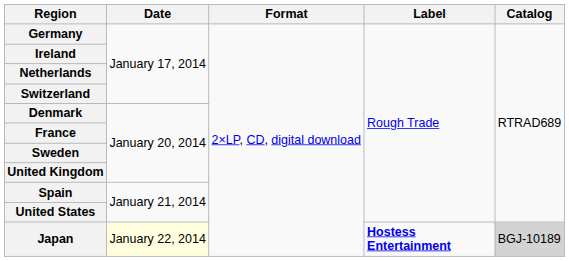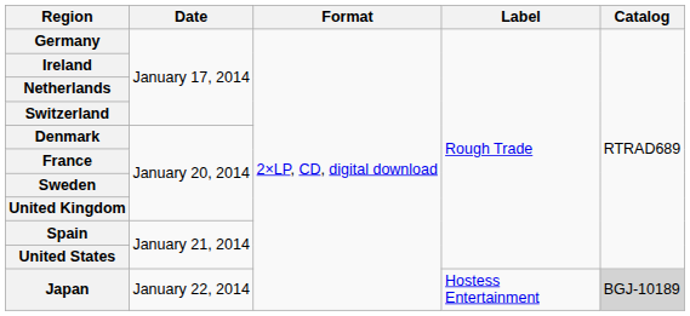 <table class="wikitable plainrowheaders" style="text-align:left">
 <tr>
 <th scope="col">Region</th>
 <th scope="col">Date</th>
 <th scope="col" style="width:12em">Format</th>
 <th scope="col" style="width:10em">Label</th>
 <th scope="col">Catalog</th>
 </tr>
 <tr>
 <th scope="row">Germany</th>
 <td rowspan="4">January 17, 2014</td>
 <td rowspan="11"><a href='#'>2×LP</a>, <a href='#'>CD</a>, <a href='#'>digital download</a></td>
 <td rowspan="10"><a href='#'>Rough Trade</a></td>
 <td rowspan="10">RTRAD689</td>
 </tr>
 <tr>
 <th scope="row">Ireland</th>
 </tr>
 <tr>
 <th scope="row">Netherlands</th>
 </tr>
 <tr>
 <th scope="row">Switzerland</th>
 </tr>
 <tr>
 <th scope="row">Denmark</th>
 <td rowspan="4">January 20, 2014</td>
 </tr>
 <tr>
 <th scope="row">France</th>
 </tr>
 <tr>
 <th scope="row">Sweden</th>
 </tr>
 <tr>
 <th scope="row">United Kingdom</th>
 </tr>
 <tr>
 <th scope="row">Spain</th>
 <td rowspan="2">January 21, 2014</td>
 </tr>
 <tr>
 <th scope="row">United States</th>
 </tr>
 <tr>
 <th scope="row">Japan</th>
-<td style="background: lightyellow;">January 22, 2014</td>
-<td><strong><a href='#'>Hostess Entertainment</a></strong></td>
+<td>January 22, 2014</td>
+<td><a href='#'>Hostess Entertainment</a></td>
 <td style="background: lightgrey;">BGJ-10189</td>
 </tr>
 </table>
